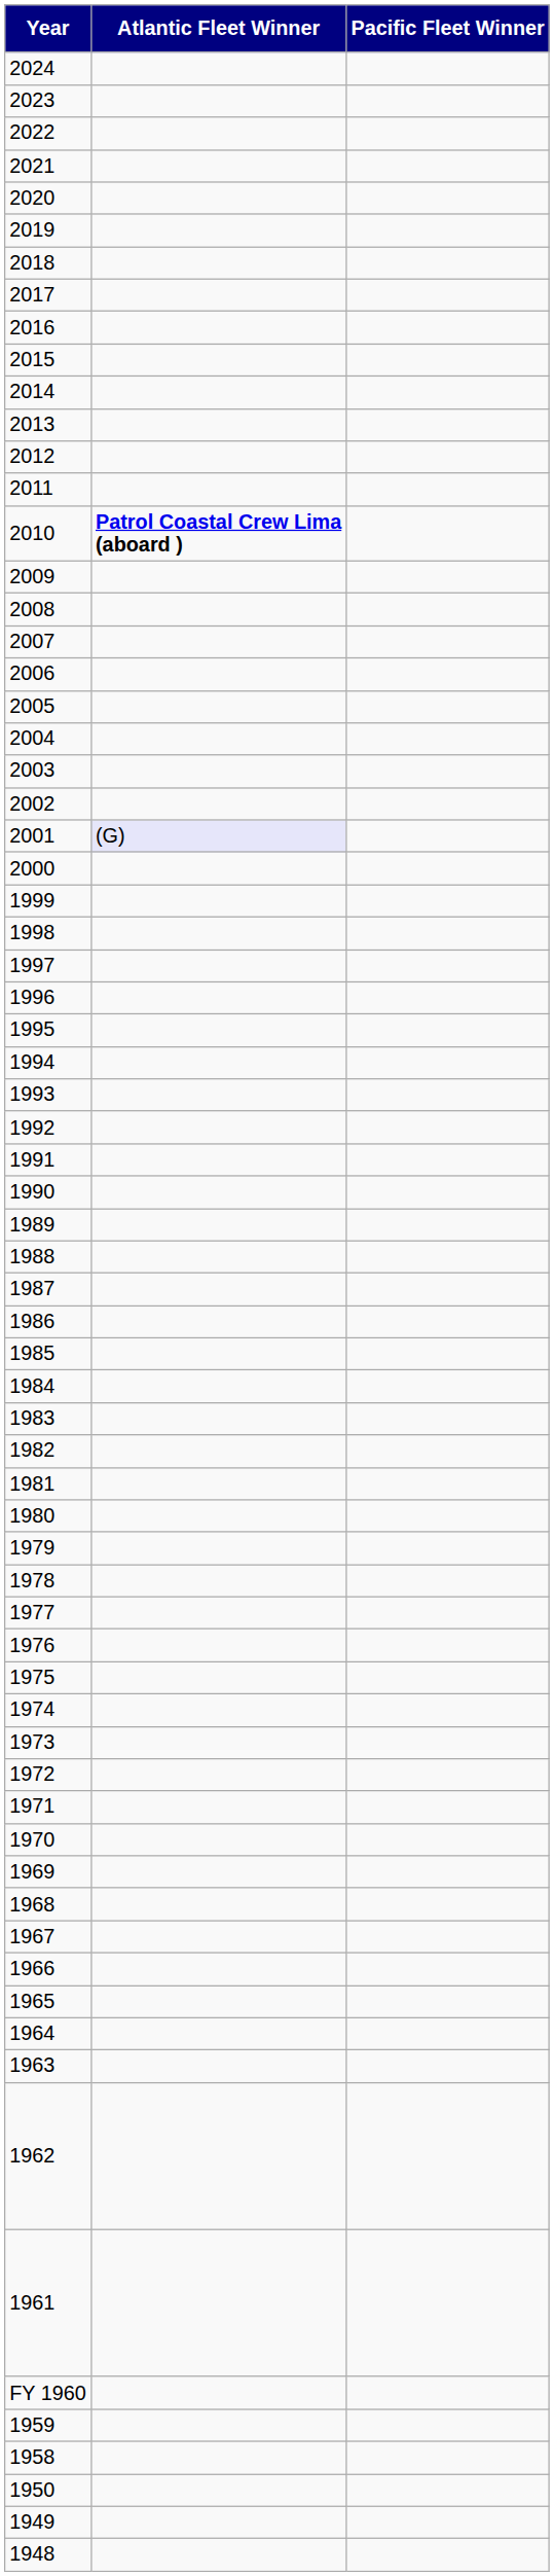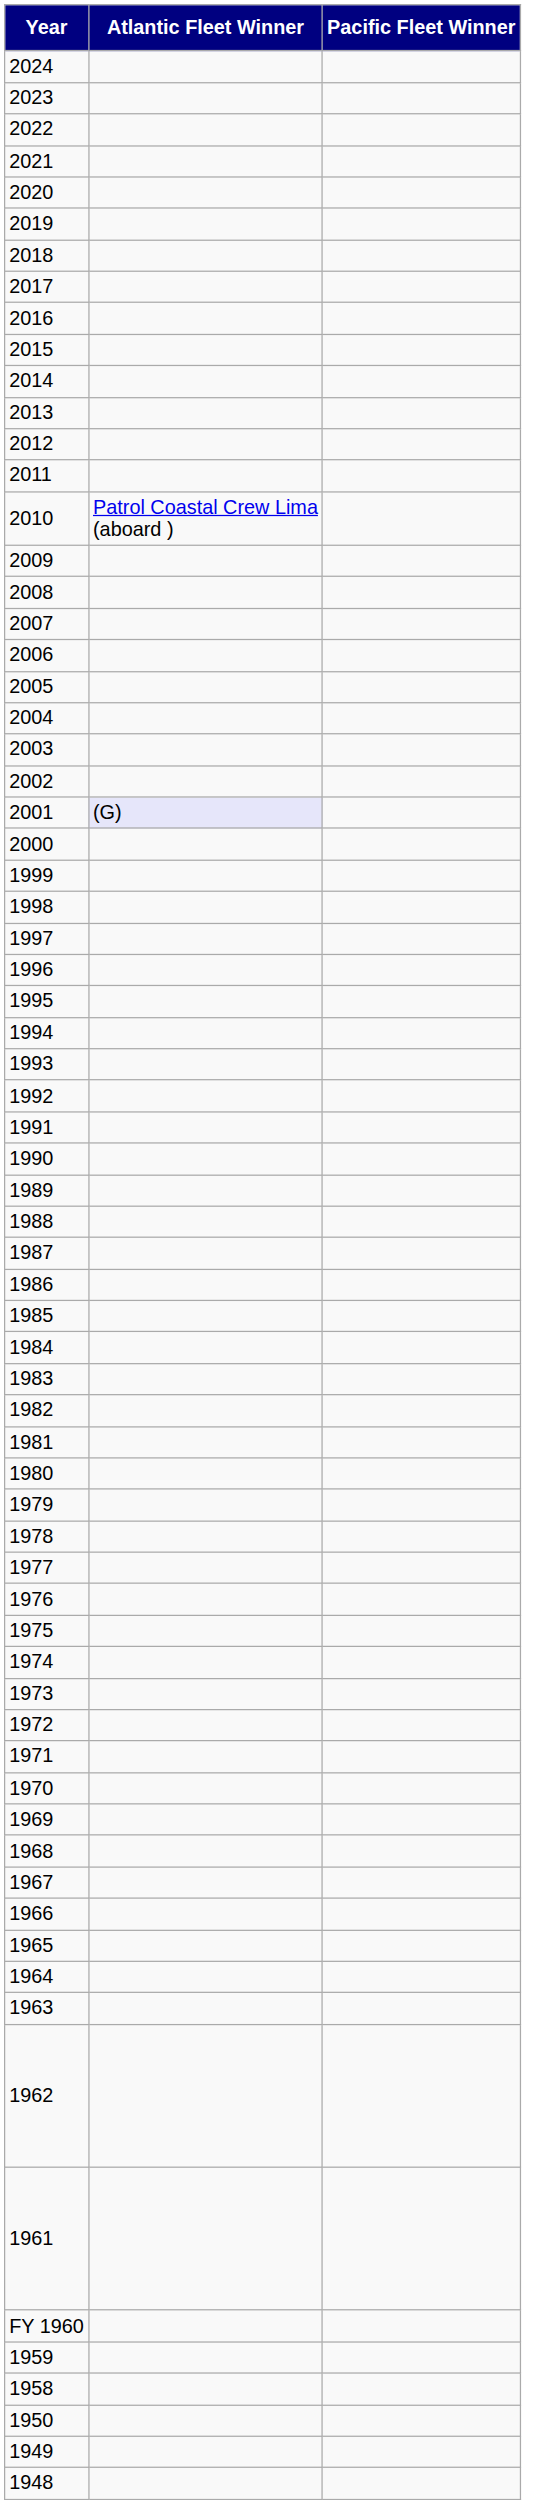 <table class="wikitable"">
 <tr>
 <th style="color: white; height: 30px; background: navy;">Year</th>
 <th style="color: white; height: 30px; background: navy;">Atlantic Fleet Winner</th>
 <th style="color: white; height: 30px; background: navy;">Pacific Fleet Winner</th>
 </tr>
 <tr>
 <td>2024</td>
 <td></td>
 <td></td>
 </tr>
 <tr>
 <td>2023</td>
 <td></td>
 <td></td>
 </tr>
 <tr>
 <td>2022</td>
 <td></td>
 <td></td>
 </tr>
 <tr>
 <td>2021</td>
 <td></td>
 <td></td>
 </tr>
 <tr>
 <td>2020</td>
 <td></td>
 <td></td>
 </tr>
 <tr>
 <td>2019</td>
 <td></td>
 <td></td>
 </tr>
 <tr>
 <td>2018</td>
 <td></td>
 <td></td>
 </tr>
 <tr>
 <td>2017</td>
 <td></td>
 <td></td>
 </tr>
 <tr>
 <td>2016</td>
 <td></td>
 <td></td>
 </tr>
 <tr>
 <td>2015</td>
 <td></td>
 <td></td>
 </tr>
 <tr>
 <td>2014</td>
 <td></td>
 <td></td>
 </tr>
 <tr>
 <td>2013</td>
 <td></td>
 <td></td>
 </tr>
 <tr>
 <td>2012</td>
 <td></td>
 <td></td>
 </tr>
 <tr>
 <td>2011</td>
 <td></td>
 <td></td>
 </tr>
 <tr>
 <td>2010</td>
-<td><strong><a href='#'>Patrol Coastal Crew Lima</a><br>(aboard )</strong></td>
+<td><a href='#'>Patrol Coastal Crew Lima</a><br>(aboard )</td>
 <td></td>
 </tr>
 <tr>
 <td>2009</td>
 <td></td>
 <td></td>
 </tr>
 <tr>
 <td>2008</td>
 <td></td>
 <td></td>
 </tr>
 <tr>
 <td>2007</td>
 <td></td>
 <td></td>
 </tr>
 <tr>
 <td>2006</td>
 <td></td>
 <td></td>
 </tr>
 <tr>
 <td>2005</td>
 <td></td>
 <td></td>
 </tr>
 <tr>
 <td>2004</td>
 <td></td>
 <td></td>
 </tr>
 <tr>
 <td>2003</td>
 <td></td>
 <td></td>
 </tr>
 <tr>
 <td>2002</td>
 <td></td>
 <td></td>
 </tr>
 <tr>
 <td>2001</td>
 <td style="background: lavender;"> (G)</td>
 <td></td>
 </tr>
 <tr>
 <td>2000</td>
 <td></td>
 <td></td>
 </tr>
 <tr>
 <td>1999</td>
 <td></td>
 <td></td>
 </tr>
 <tr>
 <td>1998</td>
 <td></td>
 <td></td>
 </tr>
 <tr>
 <td>1997</td>
 <td></td>
 <td></td>
 </tr>
 <tr>
 <td>1996</td>
 <td></td>
 <td></td>
 </tr>
 <tr>
 <td>1995</td>
 <td></td>
 <td></td>
 </tr>
 <tr>
 <td>1994</td>
 <td></td>
 <td></td>
 </tr>
 <tr>
 <td>1993</td>
 <td></td>
 <td></td>
 </tr>
 <tr>
 <td>1992</td>
 <td></td>
 <td></td>
 </tr>
 <tr>
 <td>1991</td>
 <td></td>
 <td></td>
 </tr>
 <tr>
 <td>1990</td>
 <td></td>
 <td></td>
 </tr>
 <tr>
 <td>1989</td>
 <td></td>
 <td></td>
 </tr>
 <tr>
 <td>1988</td>
 <td></td>
 <td></td>
 </tr>
 <tr>
 <td>1987</td>
 <td></td>
 <td></td>
 </tr>
 <tr>
 <td>1986</td>
 <td></td>
 <td></td>
 </tr>
 <tr>
 <td>1985</td>
 <td></td>
 <td></td>
 </tr>
 <tr>
 <td>1984</td>
 <td></td>
 <td></td>
 </tr>
 <tr>
 <td>1983</td>
 <td></td>
 <td></td>
 </tr>
 <tr>
 <td>1982</td>
 <td></td>
 <td></td>
 </tr>
 <tr>
 <td>1981</td>
 <td></td>
 <td></td>
 </tr>
 <tr>
 <td>1980</td>
 <td></td>
 <td></td>
 </tr>
 <tr>
 <td>1979</td>
 <td></td>
 <td></td>
 </tr>
 <tr>
 <td>1978</td>
 <td></td>
 <td></td>
 </tr>
 <tr>
 <td>1977</td>
 <td></td>
 <td></td>
 </tr>
 <tr>
 <td>1976</td>
 <td></td>
 <td></td>
 </tr>
 <tr>
 <td>1975</td>
 <td></td>
 <td></td>
 </tr>
 <tr>
 <td>1974</td>
 <td></td>
 <td></td>
 </tr>
 <tr>
 <td>1973</td>
 <td></td>
 <td></td>
 </tr>
 <tr>
 <td>1972</td>
 <td></td>
 <td></td>
 </tr>
 <tr>
 <td>1971</td>
 <td></td>
 <td></td>
 </tr>
 <tr>
 <td>1970</td>
 <td></td>
 <td></td>
 </tr>
 <tr>
 <td>1969</td>
 <td></td>
 <td></td>
 </tr>
 <tr>
 <td>1968</td>
 <td></td>
 <td></td>
 </tr>
 <tr>
 <td>1967</td>
 <td></td>
 <td></td>
 </tr>
 <tr>
 <td>1966</td>
 <td></td>
 <td></td>
 </tr>
 <tr>
 <td>1965</td>
 <td></td>
 <td></td>
 </tr>
 <tr>
 <td>1964</td>
 <td></td>
 <td></td>
 </tr>
 <tr>
 <td>1963</td>
 <td></td>
 <td></td>
 </tr>
 <tr>
 <td>1962</td>
 <td><br><br><br><br><br><br></td>
 <td><br><br><br><br><br><br></td>
 </tr>
 <tr>
 <td>1961</td>
 <td><br><br><br><br><br><br></td>
 <td><br><br><br><br><br><br></td>
 </tr>
 <tr>
 <td>FY 1960</td>
 <td><br></td>
 <td><br></td>
 </tr>
 <tr>
 <td>1959</td>
 <td></td>
 <td></td>
 </tr>
 <tr>
 <td>1958</td>
 <td></td>
 <td></td>
 </tr>
 <tr>
 <td>1950</td>
 <td></td>
 <td></td>
 </tr>
 <tr>
 <td>1949</td>
 <td></td>
 <td></td>
 </tr>
 <tr>
 <td>1948</td>
 <td></td>
 <td></td>
 </tr>
 </table>
